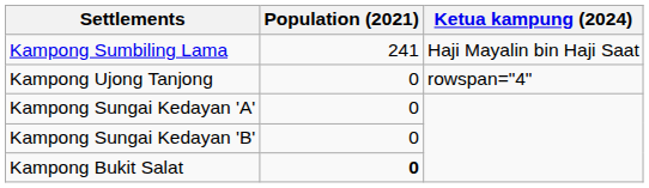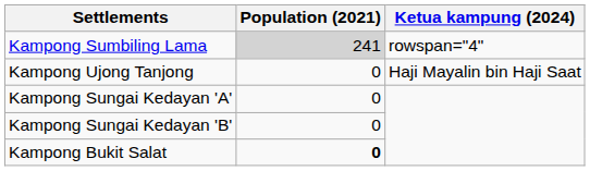 <table class="wikitable">
 <tr>
 <th>Settlements</th>
 <th>Population (2021)</th>
 <th><a href='#'>Ketua kampung</a> (2024)</th>
 </tr>
 <tr>
 <td><a href='#'>Kampong Sumbiling Lama</a></td>
-<td align="right">241</td>
-<td>Haji Mayalin bin Haji Saat</td>
+<td align="right" style="background: lightgrey;">241</td>
+<td>rowspan="4" </td>
 </tr>
 <tr>
 <td>Kampong Ujong Tanjong</td>
 <td align="right">0</td>
-<td>rowspan="4" </td>
+<td>Haji Mayalin bin Haji Saat</td>
 </tr>
 <tr>
 <td>Kampong Sungai Kedayan 'A'</td>
 <td align="right">0</td>
 </tr>
 <tr>
 <td>Kampong Sungai Kedayan 'B'</td>
 <td align="right">0</td>
 </tr>
 <tr>
 <td>Kampong Bukit Salat</td>
 <td align="right"><strong>0</strong></td>
 </tr>
 </table>
